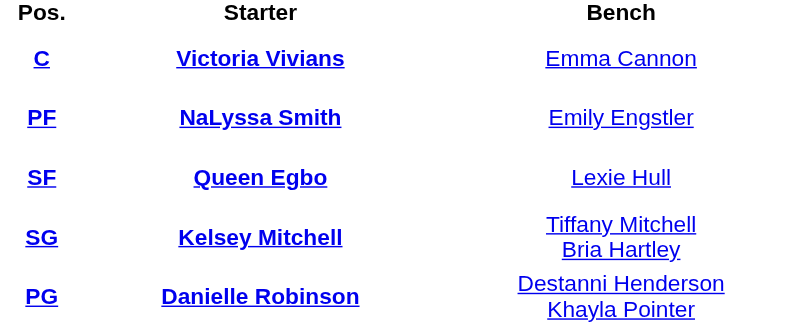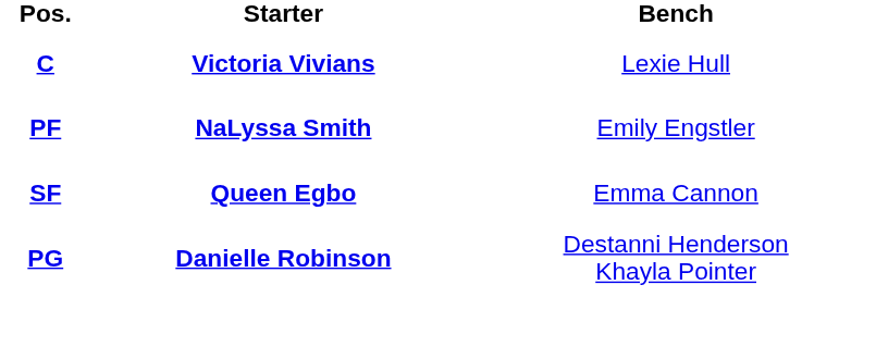 <table style="text-align:center; ">
 <tr>
 <th width="50">Pos.</th>
 <th width="250">Starter</th>
 <th width="250">Bench</th>
 </tr>
 <tr style="height:40px; background:white; color:#092C57">
 <th><a href='#'><span>C</span></a></th>
 <td><strong><a href='#'>Victoria Vivians</a></strong></td>
-<td><a href='#'>Emma Cannon</a></td>
+<td><a href='#'>Lexie Hull</a></td>
 </tr>
 <tr style="height:40px; background:white; color:#092C57">
 <th><a href='#'><span>PF</span></a></th>
 <td><strong><a href='#'>NaLyssa Smith</a></strong></td>
 <td><a href='#'>Emily Engstler</a></td>
 </tr>
 <tr style="height:40px; background:white; color:#092C57">
 <th><a href='#'><span>SF</span></a></th>
 <td><strong><a href='#'>Queen Egbo</a></strong></td>
-<td><a href='#'>Lexie Hull</a></td>
-</tr>
-<tr style="height:40px; background:white; color:#092C57">
-<th><a href='#'><span>SG</span></a></th>
-<td><strong><a href='#'>Kelsey Mitchell</a></strong></td>
-<td><a href='#'>Tiffany Mitchell</a><br><a href='#'>Bria Hartley</a></td>
+<td><a href='#'>Emma Cannon</a></td>
 </tr>
 <tr style="height:40px; background:white; color:#092C57">
 <th><a href='#'><span>PG</span></a></th>
 <td><strong><a href='#'>Danielle Robinson</a></strong></td>
 <td><a href='#'>Destanni Henderson</a><br><a href='#'>Khayla Pointer</a></td>
 </tr>
 </table>
